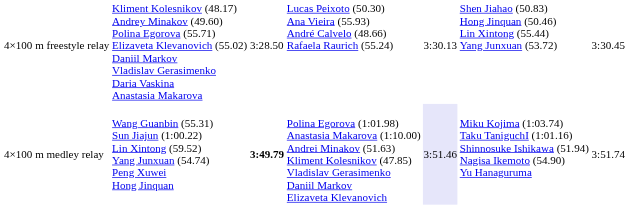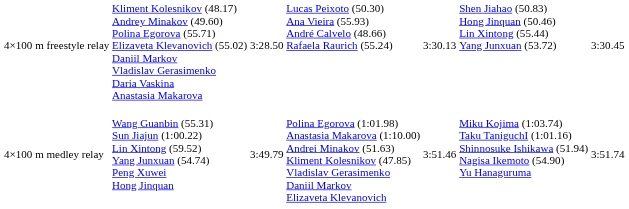 <table>
 <tr>
 <td>4×100 m freestyle relay<br></td>
 <td valign=top><br><a href='#'>Kliment Kolesnikov</a> (48.17)<br><a href='#'>Andrey Minakov</a> (49.60)<br><a href='#'>Polina Egorova</a> (55.71)<br><a href='#'>Elizaveta Klevanovich</a> (55.02)<br><a href='#'>Daniil Markov</a><br><a href='#'>Vladislav Gerasimenko</a><br><a href='#'>Daria Vaskina</a><br><a href='#'>Anastasia Makarova</a></td>
 <td>3:28.50</td>
 <td valign=top><br><a href='#'>Lucas Peixoto</a> (50.30)<br><a href='#'>Ana Vieira</a> (55.93)<br><a href='#'>André Calvelo</a> (48.66)<br><a href='#'>Rafaela Raurich</a> (55.24)</td>
 <td>3:30.13</td>
 <td valign=top><br><a href='#'>Shen Jiahao</a> (50.83)<br><a href='#'>Hong Jinquan</a> (50.46)<br><a href='#'>Lin Xintong</a> (55.44)<br><a href='#'>Yang Junxuan</a> (53.72)</td>
 <td>3:30.45</td>
 </tr>
 <tr>
 <td>4×100 m medley relay<br></td>
 <td valign=top><br><a href='#'>Wang Guanbin</a> (55.31)<br><a href='#'>Sun Jiajun</a> (1:00.22)<br><a href='#'>Lin Xintong</a> (59.52)<br><a href='#'>Yang Junxuan</a> (54.74)<br><a href='#'>Peng Xuwei</a><br><a href='#'>Hong Jinquan</a></td>
-<td><strong>3:49.79</strong></td>
+<td>3:49.79</td>
 <td valign=top><br><a href='#'>Polina Egorova</a> (1:01.98)<br><a href='#'>Anastasia Makarova</a> (1:10.00)<br><a href='#'>Andrei Minakov</a> (51.63)<br><a href='#'>Kliment Kolesnikov</a> (47.85)<br><a href='#'>Vladislav Gerasimenko</a><br><a href='#'>Daniil Markov</a><br><a href='#'>Elizaveta Klevanovich</a><br></td>
-<td style="background: lavender;">3:51.46</td>
+<td>3:51.46</td>
 <td valign=top><br><a href='#'>Miku Kojima</a> (1:03.74)<br><a href='#'>Taku TaniguchI</a> (1:01.16)<br><a href='#'>Shinnosuke Ishikawa</a> (51.94)<br><a href='#'>Nagisa Ikemoto</a> (54.90)<br><a href='#'>Yu Hanaguruma</a></td>
 <td>3:51.74</td>
 </tr>
 </table>
